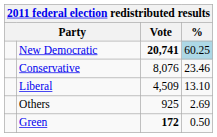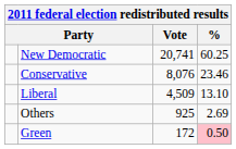 <table class="wikitable">
 <tr>
 <th colspan="4"><a href='#'>2011 federal election</a> redistributed results</th>
 </tr>
 <tr>
 <th bgcolor="#DDDDFF" width="130px" colspan="2">Party</th>
 <th bgcolor="#DDDDFF" width="50px">Vote</th>
 <th bgcolor="#DDDDFF" width="30px">%</th>
 </tr>
 <tr>
 <td> </td>
 <td><a href='#'>New Democratic</a></td>
-<td align=right><strong>20,741</strong></td>
-<td align=right style="background: lightblue;">60.25</td>
+<td align=right>20,741</td>
+<td align=right>60.25</td>
 </tr>
 <tr>
 <td> </td>
 <td><a href='#'>Conservative</a></td>
 <td align=right>8,076</td>
 <td align=right>23.46</td>
 </tr>
 <tr>
 <td> </td>
 <td><a href='#'>Liberal</a></td>
 <td align=right>4,509</td>
 <td align=right>13.10</td>
 </tr>
 <tr>
 <td> </td>
 <td>Others</td>
 <td align=right>925</td>
 <td align=right>2.69</td>
 </tr>
 <tr>
 <td> </td>
 <td><a href='#'>Green</a></td>
-<td align=right><strong>172</strong></td>
-<td align=right>0.50</td>
+<td align=right>172</td>
+<td align=right style="background: pink;">0.50</td>
 </tr>
 </table>
